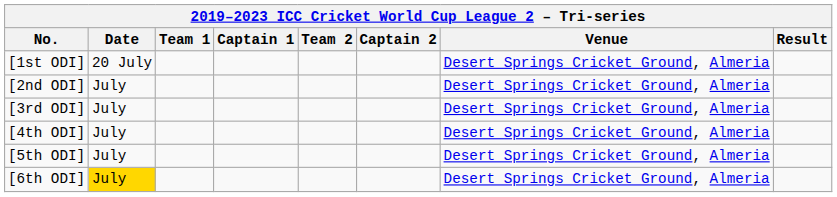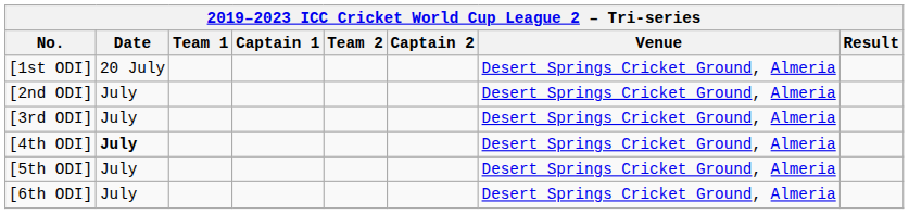 <table class="wikitable">
 <tr>
 <th colspan="9"><a href='#'>2019–2023 ICC Cricket World Cup League 2</a> – Tri-series</th>
 </tr>
 <tr>
 <th>No.</th>
 <th>Date</th>
 <th>Team 1</th>
 <th>Captain 1</th>
 <th>Team 2</th>
 <th>Captain 2</th>
 <th>Venue</th>
 <th>Result</th>
 </tr>
 <tr>
 <td>[1st ODI]</td>
 <td>20 July</td>
 <td></td>
 <td></td>
 <td></td>
 <td></td>
 <td><a href='#'>Desert Springs Cricket Ground</a>, <a href='#'>Almeria</a></td>
 <td></td>
 </tr>
 <tr>
 <td>[2nd ODI]</td>
 <td>July</td>
 <td></td>
 <td></td>
 <td></td>
 <td></td>
 <td><a href='#'>Desert Springs Cricket Ground</a>, <a href='#'>Almeria</a></td>
 <td></td>
 </tr>
 <tr>
 <td>[3rd ODI]</td>
 <td>July</td>
 <td></td>
 <td></td>
 <td></td>
 <td></td>
 <td><a href='#'>Desert Springs Cricket Ground</a>, <a href='#'>Almeria</a></td>
 <td></td>
 </tr>
 <tr>
 <td>[4th ODI]</td>
-<td>July</td>
+<td><strong>July</strong></td>
 <td></td>
 <td></td>
 <td></td>
 <td></td>
 <td><a href='#'>Desert Springs Cricket Ground</a>, <a href='#'>Almeria</a></td>
 <td></td>
 </tr>
 <tr>
 <td>[5th ODI]</td>
 <td>July</td>
 <td></td>
 <td></td>
 <td></td>
 <td></td>
 <td><a href='#'>Desert Springs Cricket Ground</a>, <a href='#'>Almeria</a></td>
 <td></td>
 </tr>
 <tr>
 <td>[6th ODI]</td>
-<td style="background: gold;">July</td>
+<td>July</td>
 <td></td>
 <td></td>
 <td></td>
 <td></td>
 <td><a href='#'>Desert Springs Cricket Ground</a>, <a href='#'>Almeria</a></td>
 <td></td>
 </tr>
 </table>
